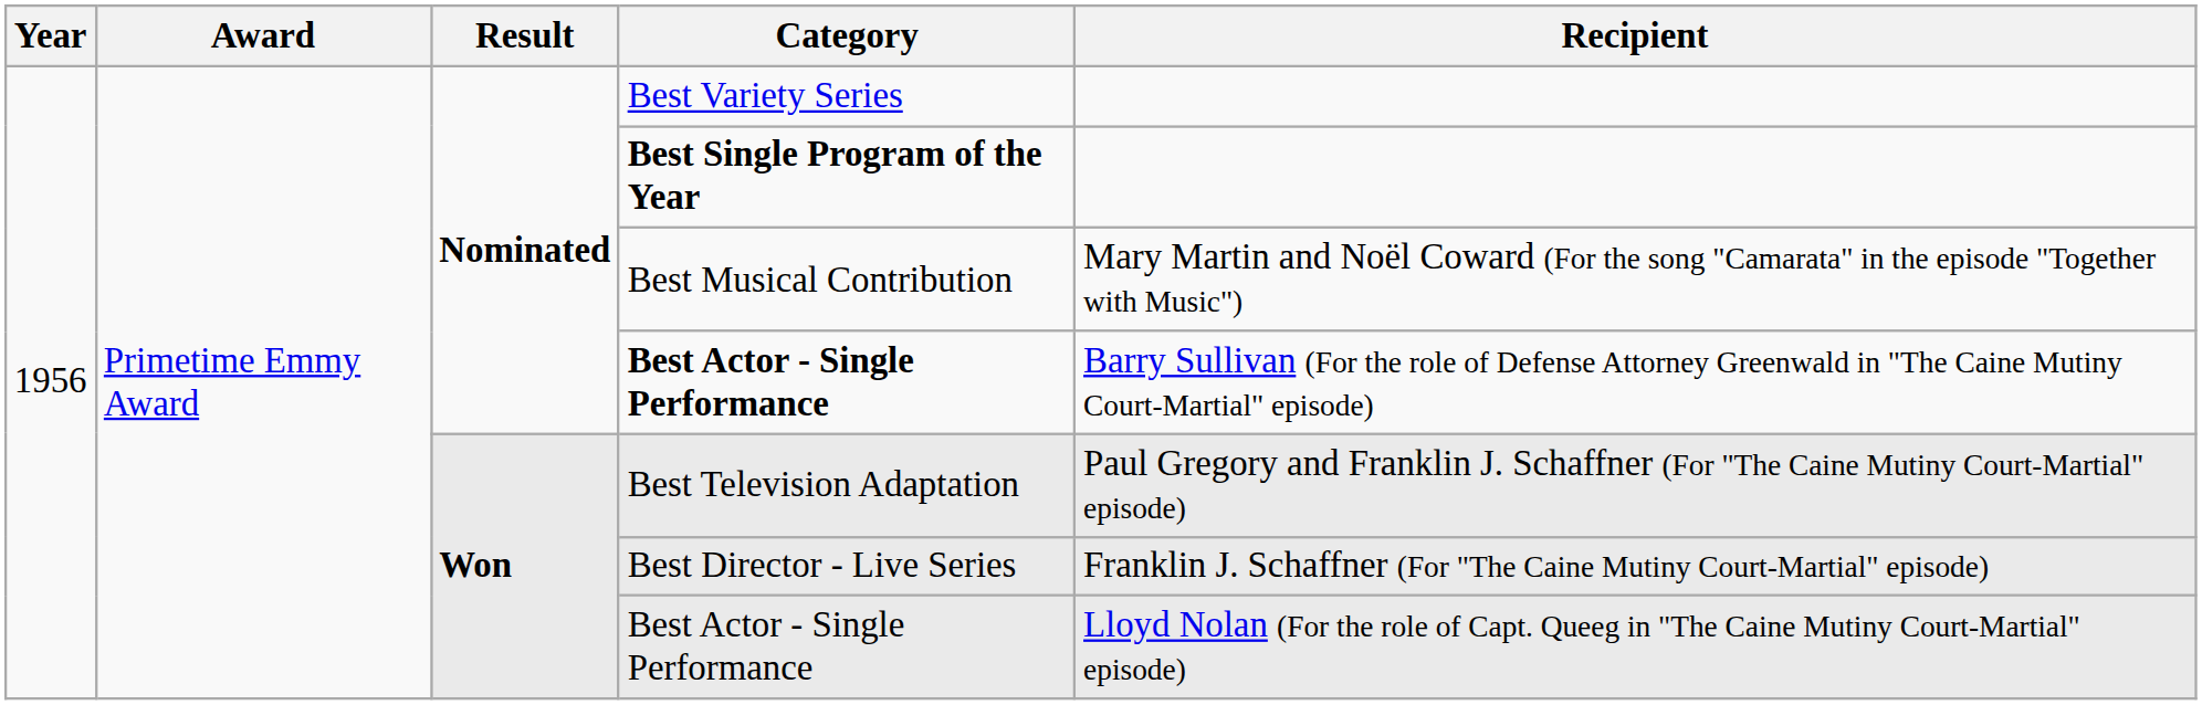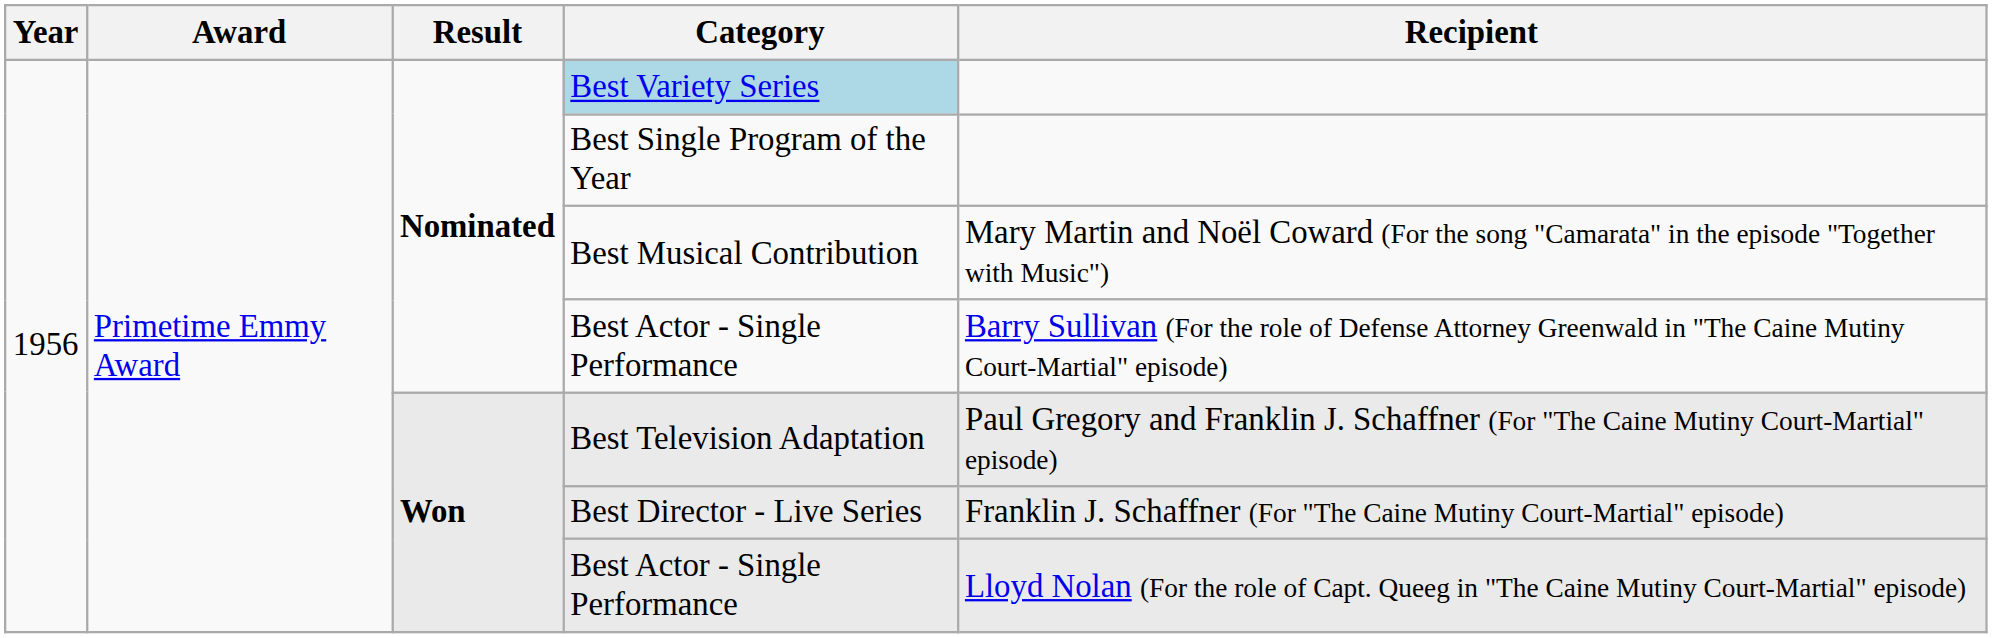 <table class="wikitable" style="font-size: 90%;">
 <tr>
 <th>Year</th>
 <th>Award</th>
 <th>Result</th>
 <th>Category</th>
 <th>Recipient</th>
 </tr>
 <tr>
 <td rowspan=7>1956</td>
 <td rowspan=7><a href='#'>Primetime Emmy Award</a></td>
 <td rowspan=4><strong>Nominated</strong></td>
-<td><a href='#'>Best Variety Series</a></td>
+<td style="background: lightblue;"><a href='#'>Best Variety Series</a></td>
 <td></td>
 </tr>
 <tr>
-<td><strong>Best Single Program of the Year</strong></td>
+<td>Best Single Program of the Year</td>
 <td></td>
 </tr>
 <tr>
 <td>Best Musical Contribution</td>
 <td>Mary Martin and Noël Coward <small>(For the song "Camarata" in the episode "Together with Music")</small></td>
 </tr>
 <tr>
-<td><strong>Best Actor - Single Performance</strong></td>
+<td>Best Actor - Single Performance</td>
 <td><a href='#'>Barry Sullivan</a> <small>(For the role of Defense Attorney Greenwald in "The Caine Mutiny Court-Martial" episode)</small></td>
 </tr>
 <tr style="background-color: #EAEAEA;">
 <td rowspan=3><strong>Won</strong></td>
 <td>Best Television Adaptation</td>
 <td>Paul Gregory and Franklin J. Schaffner <small>(For "The Caine Mutiny Court-Martial" episode)</small></td>
 </tr>
 <tr style="background-color: #EAEAEA;">
 <td>Best Director - Live Series</td>
 <td>Franklin J. Schaffner <small>(For "The Caine Mutiny Court-Martial" episode)</small></td>
 </tr>
 <tr style="background-color: #EAEAEA;">
 <td>Best Actor - Single Performance</td>
 <td><a href='#'>Lloyd Nolan</a> <small>(For the role of Capt. Queeg in "The Caine Mutiny Court-Martial" episode)</small></td>
 </tr>
 </table>
